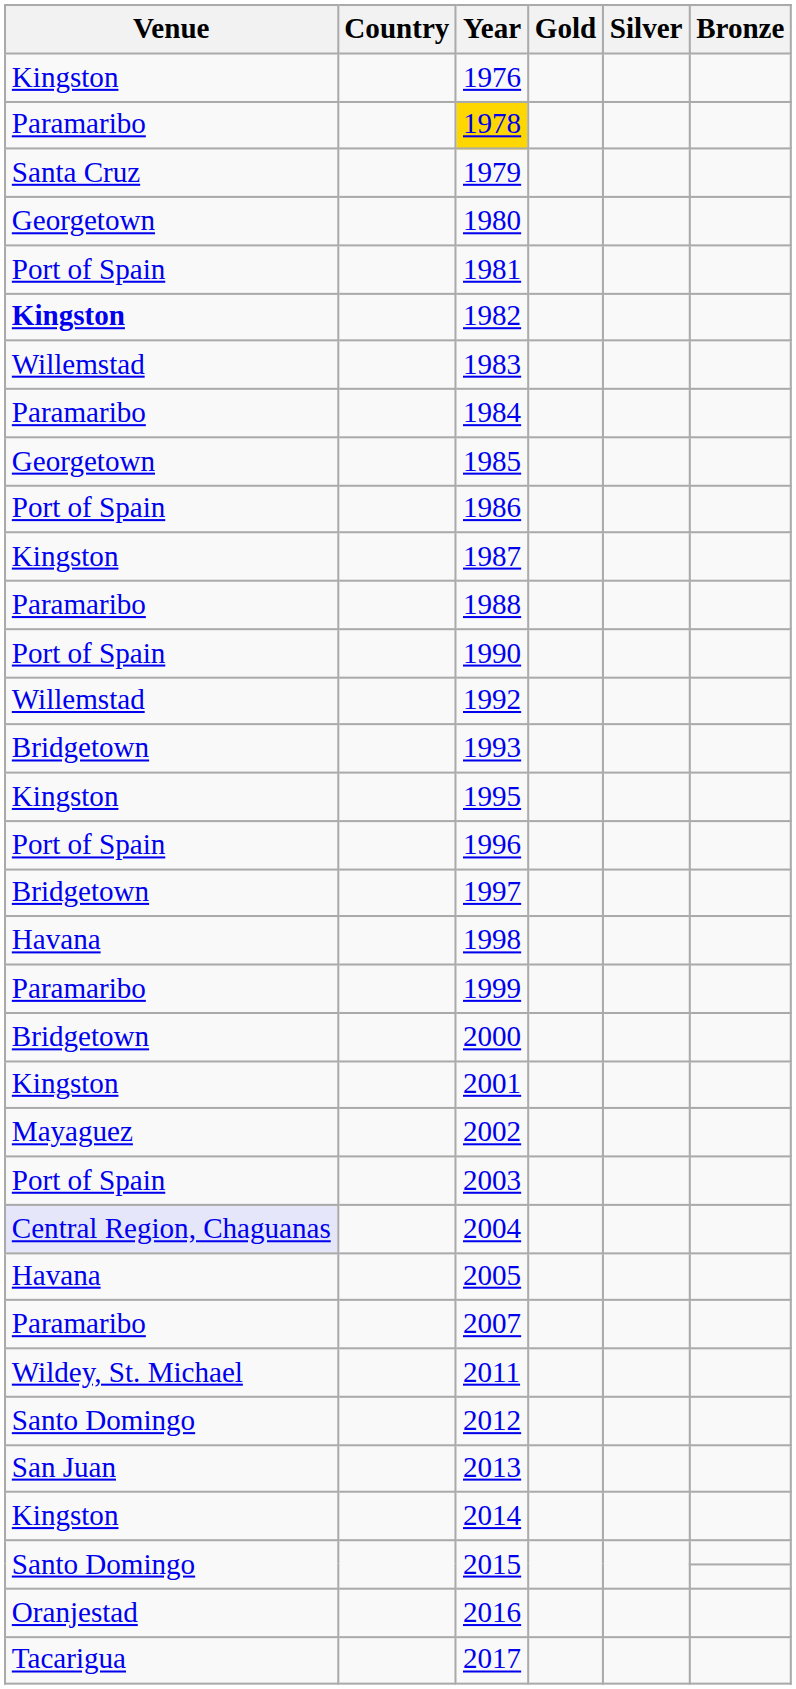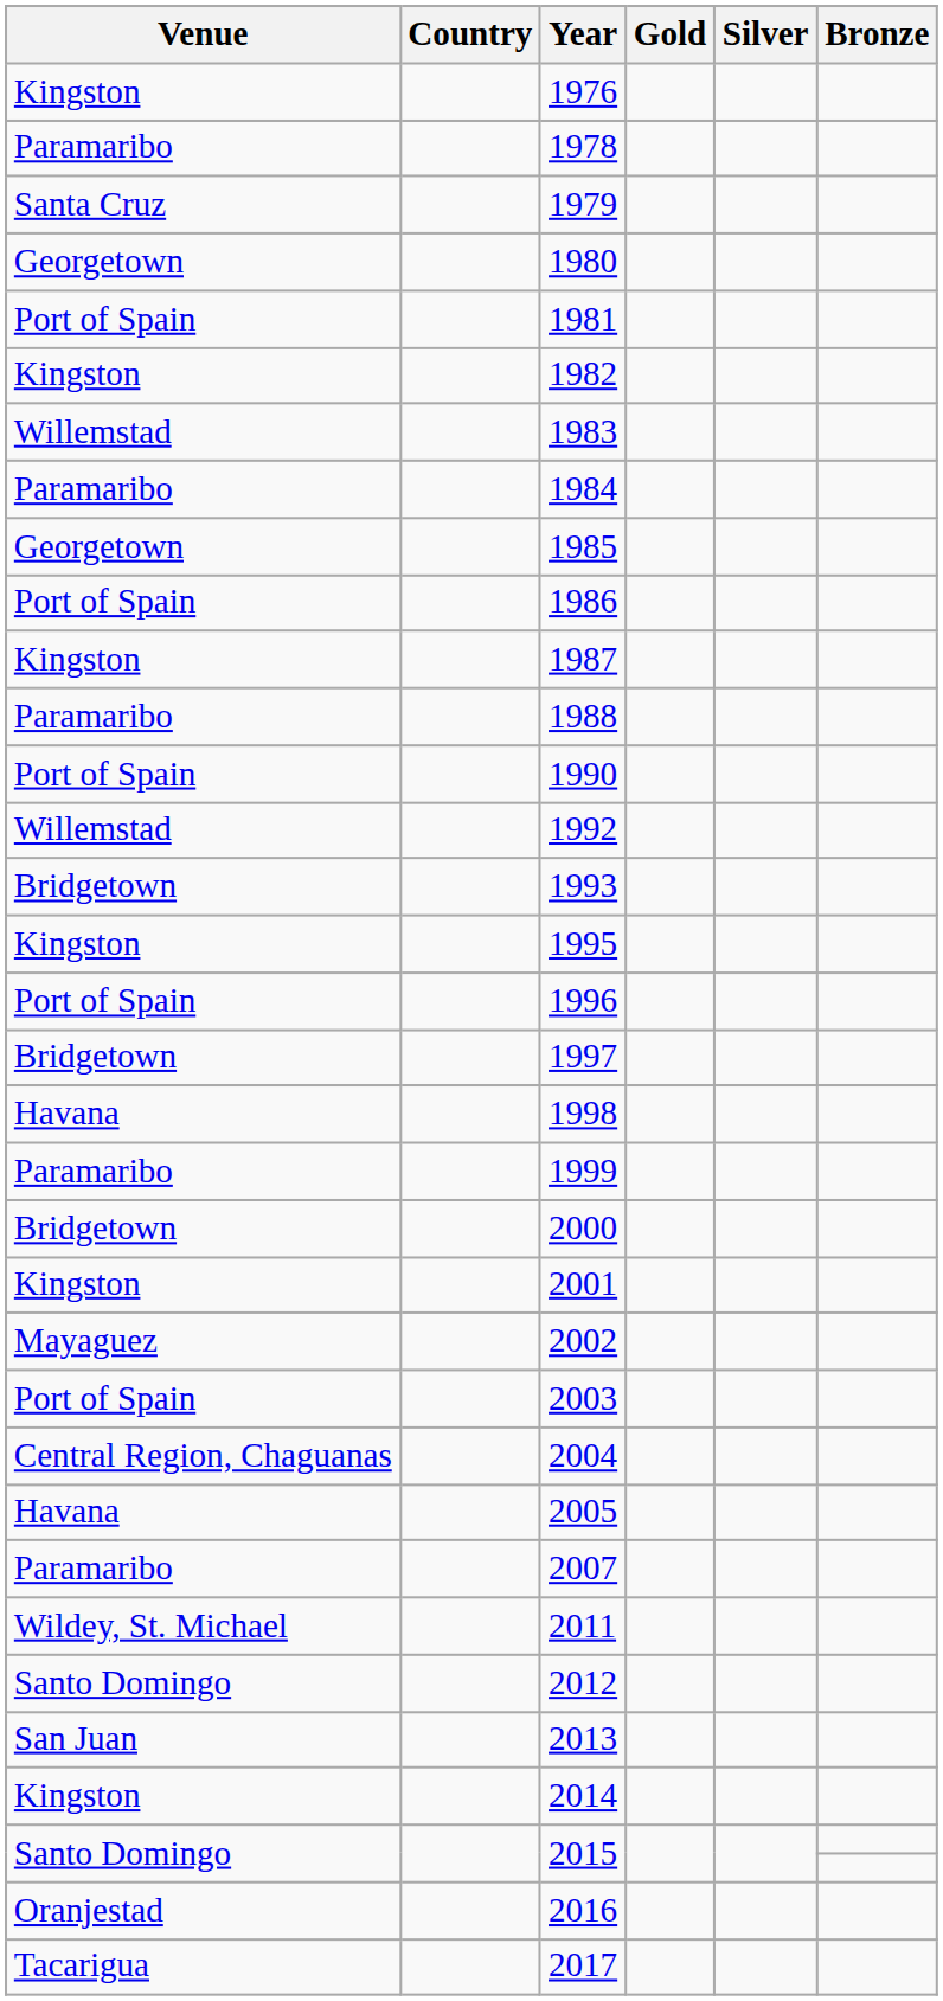 <table class="wikitable" style="font-size:90%">
 <tr>
 <th>Venue</th>
 <th>Country</th>
 <th>Year</th>
 <th>Gold</th>
 <th>Silver</th>
 <th>Bronze</th>
 </tr>
 <tr>
 <td><a href='#'>Kingston</a></td>
 <td></td>
 <td><a href='#'>1976</a></td>
 <td></td>
 <td></td>
 <td></td>
 </tr>
 <tr>
 <td><a href='#'>Paramaribo</a></td>
 <td></td>
-<td style="background: gold;"><a href='#'>1978</a></td>
+<td><a href='#'>1978</a></td>
 <td></td>
 <td></td>
 <td></td>
 </tr>
 <tr>
 <td><a href='#'>Santa Cruz</a></td>
 <td></td>
 <td><a href='#'>1979</a></td>
 <td></td>
 <td></td>
 <td></td>
 </tr>
 <tr>
 <td><a href='#'>Georgetown</a></td>
 <td></td>
 <td><a href='#'>1980</a></td>
 <td></td>
 <td></td>
 <td></td>
 </tr>
 <tr>
 <td><a href='#'>Port of Spain</a></td>
 <td></td>
 <td><a href='#'>1981</a></td>
 <td></td>
 <td></td>
 <td></td>
 </tr>
 <tr>
-<td><strong><a href='#'>Kingston</a></strong></td>
+<td><a href='#'>Kingston</a></td>
 <td></td>
 <td><a href='#'>1982</a></td>
 <td></td>
 <td></td>
 <td></td>
 </tr>
 <tr>
 <td><a href='#'>Willemstad</a></td>
 <td></td>
 <td><a href='#'>1983</a></td>
 <td></td>
 <td></td>
 <td></td>
 </tr>
 <tr>
 <td><a href='#'>Paramaribo</a></td>
 <td></td>
 <td><a href='#'>1984</a></td>
 <td></td>
 <td></td>
 <td></td>
 </tr>
 <tr>
 <td><a href='#'>Georgetown</a></td>
 <td></td>
 <td><a href='#'>1985</a></td>
 <td></td>
 <td></td>
 <td></td>
 </tr>
 <tr>
 <td><a href='#'>Port of Spain</a></td>
 <td></td>
 <td><a href='#'>1986</a></td>
 <td></td>
 <td></td>
 <td></td>
 </tr>
 <tr>
 <td><a href='#'>Kingston</a></td>
 <td></td>
 <td><a href='#'>1987</a></td>
 <td></td>
 <td></td>
 <td></td>
 </tr>
 <tr>
 <td><a href='#'>Paramaribo</a></td>
 <td></td>
 <td><a href='#'>1988</a></td>
 <td></td>
 <td></td>
 <td></td>
 </tr>
 <tr>
 <td><a href='#'>Port of Spain</a></td>
 <td></td>
 <td><a href='#'>1990</a></td>
 <td></td>
 <td></td>
 <td></td>
 </tr>
 <tr>
 <td><a href='#'>Willemstad</a></td>
 <td></td>
 <td><a href='#'>1992</a></td>
 <td></td>
 <td></td>
 <td></td>
 </tr>
 <tr>
 <td><a href='#'>Bridgetown</a></td>
 <td></td>
 <td><a href='#'>1993</a></td>
 <td></td>
 <td></td>
 <td></td>
 </tr>
 <tr>
 <td><a href='#'>Kingston</a></td>
 <td></td>
 <td><a href='#'>1995</a></td>
 <td></td>
 <td></td>
 <td></td>
 </tr>
 <tr>
 <td><a href='#'>Port of Spain</a></td>
 <td></td>
 <td><a href='#'>1996</a></td>
 <td></td>
 <td></td>
 <td></td>
 </tr>
 <tr>
 <td><a href='#'>Bridgetown</a></td>
 <td></td>
 <td><a href='#'>1997</a></td>
 <td></td>
 <td></td>
 <td></td>
 </tr>
 <tr>
 <td><a href='#'>Havana</a></td>
 <td></td>
 <td><a href='#'>1998</a></td>
 <td></td>
 <td></td>
 <td></td>
 </tr>
 <tr>
 <td><a href='#'>Paramaribo</a></td>
 <td></td>
 <td><a href='#'>1999</a></td>
 <td></td>
 <td></td>
 <td></td>
 </tr>
 <tr>
 <td><a href='#'>Bridgetown</a></td>
 <td></td>
 <td><a href='#'>2000</a></td>
 <td></td>
 <td></td>
 <td></td>
 </tr>
 <tr>
 <td><a href='#'>Kingston</a></td>
 <td></td>
 <td><a href='#'>2001</a></td>
 <td></td>
 <td></td>
 <td></td>
 </tr>
 <tr>
 <td><a href='#'>Mayaguez</a></td>
 <td></td>
 <td><a href='#'>2002</a></td>
 <td></td>
 <td></td>
 <td></td>
 </tr>
 <tr>
 <td><a href='#'>Port of Spain</a></td>
 <td></td>
 <td><a href='#'>2003</a></td>
 <td></td>
 <td></td>
 <td></td>
 </tr>
 <tr>
-<td style="background: lavender;"><a href='#'>Central Region, Chaguanas</a></td>
+<td><a href='#'>Central Region, Chaguanas</a></td>
 <td></td>
 <td><a href='#'>2004</a></td>
 <td></td>
 <td></td>
 <td></td>
 </tr>
 <tr>
 <td><a href='#'>Havana</a></td>
 <td></td>
 <td><a href='#'>2005</a></td>
 <td></td>
 <td></td>
 <td></td>
 </tr>
 <tr>
 <td><a href='#'>Paramaribo</a></td>
 <td></td>
 <td><a href='#'>2007</a></td>
 <td></td>
 <td></td>
 <td></td>
 </tr>
 <tr>
 <td><a href='#'>Wildey, St. Michael</a></td>
 <td></td>
 <td><a href='#'>2011</a></td>
 <td></td>
 <td></td>
 <td></td>
 </tr>
 <tr>
 <td><a href='#'>Santo Domingo</a></td>
 <td></td>
 <td><a href='#'>2012</a></td>
 <td></td>
 <td></td>
 <td></td>
 </tr>
 <tr>
 <td><a href='#'>San Juan</a></td>
 <td></td>
 <td><a href='#'>2013</a></td>
 <td></td>
 <td></td>
 <td></td>
 </tr>
 <tr>
 <td><a href='#'>Kingston</a></td>
 <td></td>
 <td><a href='#'>2014</a></td>
 <td></td>
 <td></td>
 <td></td>
 </tr>
 <tr>
 <td rowspan="2"><a href='#'>Santo Domingo</a></td>
 <td rowspan="2"></td>
 <td rowspan="2"><a href='#'>2015</a></td>
 <td rowspan="2"></td>
 <td rowspan="2"></td>
 <td></td>
 </tr>
 <tr>
 <td></td>
 </tr>
 <tr>
 <td><a href='#'>Oranjestad</a></td>
 <td></td>
 <td><a href='#'>2016</a></td>
 <td></td>
 <td></td>
 <td></td>
 </tr>
 <tr>
 <td><a href='#'>Tacarigua</a></td>
 <td></td>
 <td><a href='#'>2017</a></td>
 <td></td>
 <td></td>
 <td></td>
 </tr>
 </table>
